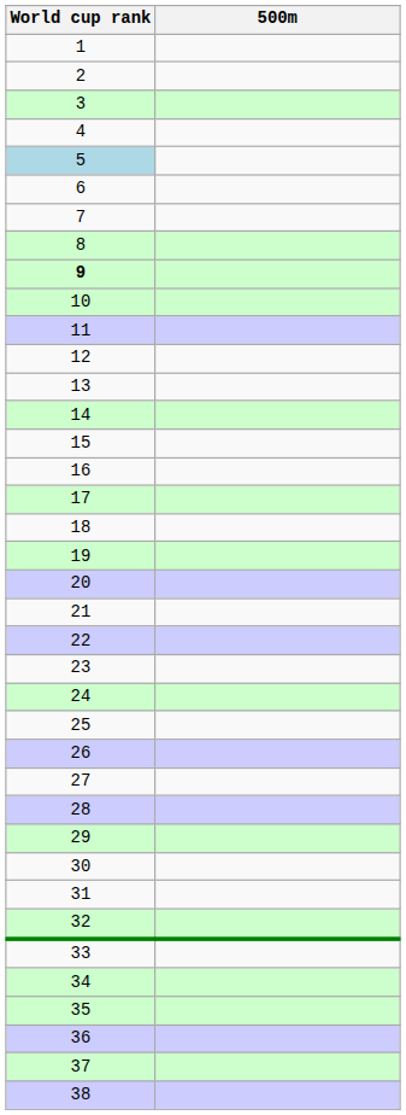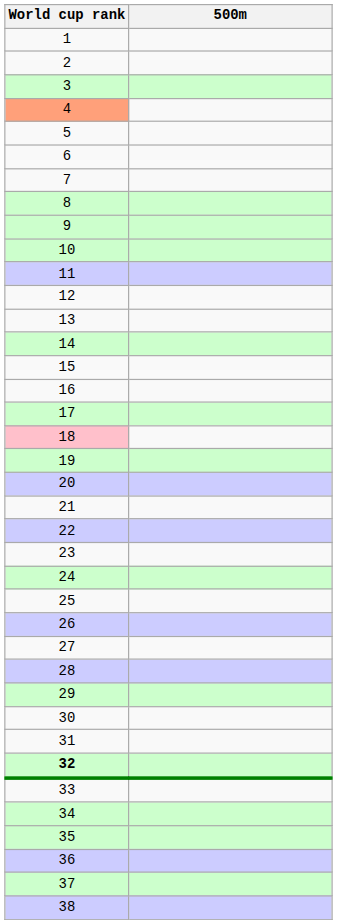 <table class="wikitable sortable" style="font-size:90%; text-align:center;margin: 1em auto 1em auto ">
 <tr>
 <th>World cup rank</th>
 <th width=165>500m</th>
 </tr>
 <tr>
 <td>1</td>
 <td align=left></td>
 </tr>
 <tr>
 <td>2</td>
 <td align=left></td>
 </tr>
 <tr style="background: #ccffcc;">
 <td>3</td>
 <td align=left></td>
 </tr>
 <tr>
-<td>4</td>
+<td style="background: lightsalmon;">4</td>
 <td align=left></td>
 </tr>
 <tr>
-<td style="background: lightblue;">5</td>
+<td>5</td>
 <td align=left></td>
 </tr>
 <tr>
 <td>6</td>
 <td align=left></td>
 </tr>
 <tr>
 <td>7</td>
 <td align=left></td>
 </tr>
 <tr style="background: #ccffcc;">
 <td>8</td>
 <td align=left></td>
 </tr>
 <tr style="background: #ccffcc;">
-<td><strong>9</strong></td>
+<td>9</td>
 <td align=left></td>
 </tr>
 <tr style="background: #ccffcc;">
 <td>10</td>
 <td align=left></td>
 </tr>
 <tr style="background: #ccccff;">
 <td>11</td>
 <td align=left></td>
 </tr>
 <tr>
 <td>12</td>
 <td align=left></td>
 </tr>
 <tr>
 <td>13</td>
 <td align=left></td>
 </tr>
 <tr style="background: #ccffcc;">
 <td>14</td>
 <td align=left></td>
 </tr>
 <tr>
 <td>15</td>
 <td align=left></td>
 </tr>
 <tr>
 <td>16</td>
 <td align=left></td>
 </tr>
 <tr style="background: #ccffcc;">
 <td>17</td>
 <td align=left></td>
 </tr>
 <tr>
-<td>18</td>
+<td style="background: pink;">18</td>
 <td align=left></td>
 </tr>
 <tr style="background: #ccffcc;">
 <td>19</td>
 <td align=left></td>
 </tr>
 <tr style="background: #ccccff;">
 <td>20</td>
 <td align=left></td>
 </tr>
 <tr>
 <td>21</td>
 <td align=left></td>
 </tr>
 <tr style="background: #ccccff;">
 <td>22</td>
 <td align=left></td>
 </tr>
 <tr>
 <td>23</td>
 <td align=left></td>
 </tr>
 <tr style="background: #ccffcc;">
 <td>24</td>
 <td align=left></td>
 </tr>
 <tr>
 <td>25</td>
 <td align=left></td>
 </tr>
 <tr style="background: #ccccff;">
 <td>26</td>
 <td align=left></td>
 </tr>
 <tr>
 <td>27</td>
 <td align=left></td>
 </tr>
 <tr style="background: #ccccff;">
 <td>28</td>
 <td align=left></td>
 </tr>
 <tr style="background: #ccffcc;">
 <td>29</td>
 <td align=left></td>
 </tr>
 <tr>
 <td>30</td>
 <td align=left></td>
 </tr>
 <tr>
 <td>31</td>
 <td align=left></td>
 </tr>
 <tr style="background: #ccffcc; border-bottom:3px solid green;">
-<td>32</td>
+<td><strong>32</strong></td>
 <td align=left></td>
 </tr>
 <tr>
 <td>33</td>
 <td align=left></td>
 </tr>
 <tr style="background: #ccffcc;">
 <td>34</td>
 <td align=left></td>
 </tr>
 <tr style="background: #ccffcc;">
 <td>35</td>
 <td align=left></td>
 </tr>
 <tr style="background: #ccccff;">
 <td>36</td>
 <td align=left></td>
 </tr>
 <tr style="background: #ccffcc;">
 <td>37</td>
 <td align=left></td>
 </tr>
 <tr style="background: #ccccff;">
 <td>38</td>
 <td align=left></td>
 </tr>
 </table>
